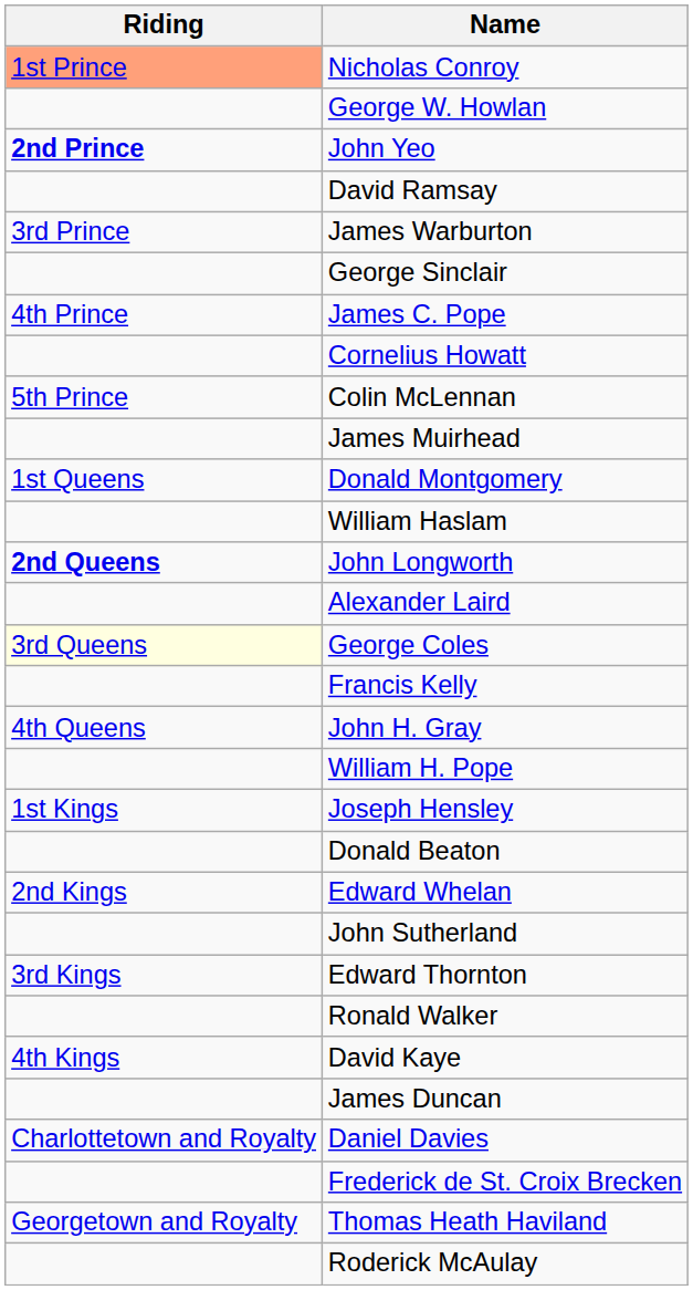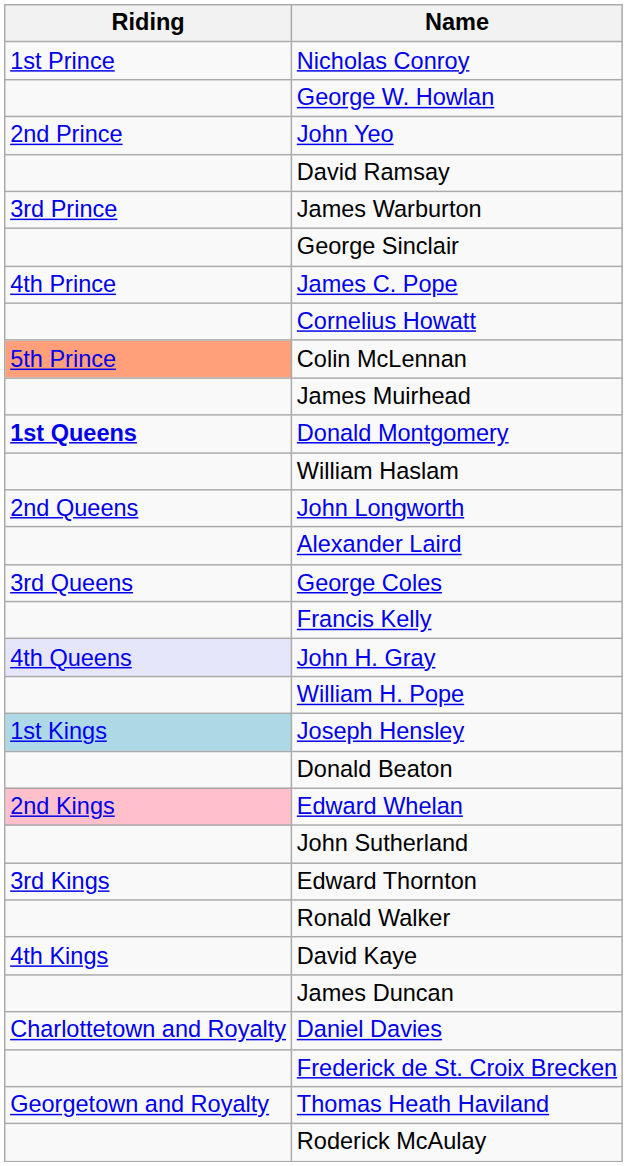 <table class="wikitable">
 <tr>
 <th>Riding</th>
 <th>Name</th>
 </tr>
 <tr>
-<td style="background: lightsalmon;"><a href='#'>1st Prince</a></td>
+<td><a href='#'>1st Prince</a></td>
 <td><a href='#'>Nicholas Conroy</a></td>
 </tr>
 <tr>
 <td></td>
 <td><a href='#'>George W. Howlan</a></td>
 </tr>
 <tr>
-<td><strong><a href='#'>2nd Prince</a></strong></td>
+<td><a href='#'>2nd Prince</a></td>
 <td><a href='#'>John Yeo</a></td>
 </tr>
 <tr>
 <td></td>
 <td>David Ramsay</td>
 </tr>
 <tr>
 <td><a href='#'>3rd Prince</a></td>
 <td>James Warburton</td>
 </tr>
 <tr>
 <td></td>
 <td>George Sinclair</td>
 </tr>
 <tr>
 <td><a href='#'>4th Prince</a></td>
 <td><a href='#'>James C. Pope</a></td>
 </tr>
 <tr>
 <td></td>
 <td><a href='#'>Cornelius Howatt</a></td>
 </tr>
 <tr>
-<td><a href='#'>5th Prince</a></td>
+<td style="background: lightsalmon;"><a href='#'>5th Prince</a></td>
 <td>Colin McLennan</td>
 </tr>
 <tr>
 <td></td>
 <td>James Muirhead</td>
 </tr>
 <tr>
-<td><a href='#'>1st Queens</a></td>
+<td><strong><a href='#'>1st Queens</a></strong></td>
 <td><a href='#'>Donald Montgomery</a></td>
 </tr>
 <tr>
 <td></td>
 <td>William Haslam</td>
 </tr>
 <tr>
-<td><strong><a href='#'>2nd Queens</a></strong></td>
+<td><a href='#'>2nd Queens</a></td>
 <td><a href='#'>John Longworth</a></td>
 </tr>
 <tr>
 <td></td>
 <td><a href='#'>Alexander Laird</a></td>
 </tr>
 <tr>
-<td style="background: lightyellow;"><a href='#'>3rd Queens</a></td>
+<td><a href='#'>3rd Queens</a></td>
 <td><a href='#'>George Coles</a></td>
 </tr>
 <tr>
 <td></td>
 <td><a href='#'>Francis Kelly</a></td>
 </tr>
 <tr>
-<td><a href='#'>4th Queens</a></td>
+<td style="background: lavender;"><a href='#'>4th Queens</a></td>
 <td><a href='#'>John H. Gray</a></td>
 </tr>
 <tr>
 <td></td>
 <td><a href='#'>William H. Pope</a></td>
 </tr>
 <tr>
-<td><a href='#'>1st Kings</a></td>
+<td style="background: lightblue;"><a href='#'>1st Kings</a></td>
 <td><a href='#'>Joseph Hensley</a></td>
 </tr>
 <tr>
 <td></td>
 <td>Donald Beaton</td>
 </tr>
 <tr>
-<td><a href='#'>2nd Kings</a></td>
+<td style="background: pink;"><a href='#'>2nd Kings</a></td>
 <td><a href='#'>Edward Whelan</a></td>
 </tr>
 <tr>
 <td></td>
 <td>John Sutherland</td>
 </tr>
 <tr>
 <td><a href='#'>3rd Kings</a></td>
 <td>Edward Thornton</td>
 </tr>
 <tr>
 <td></td>
 <td>Ronald Walker</td>
 </tr>
 <tr>
 <td><a href='#'>4th Kings</a></td>
 <td>David Kaye</td>
 </tr>
 <tr>
 <td></td>
 <td>James Duncan</td>
 </tr>
 <tr>
 <td><a href='#'>Charlottetown and Royalty</a></td>
 <td><a href='#'>Daniel Davies</a></td>
 </tr>
 <tr>
 <td></td>
 <td><a href='#'>Frederick de St. Croix Brecken</a></td>
 </tr>
 <tr>
 <td><a href='#'>Georgetown and Royalty</a></td>
 <td><a href='#'>Thomas Heath Haviland</a></td>
 </tr>
 <tr>
 <td></td>
 <td>Roderick McAulay</td>
 </tr>
 </table>
